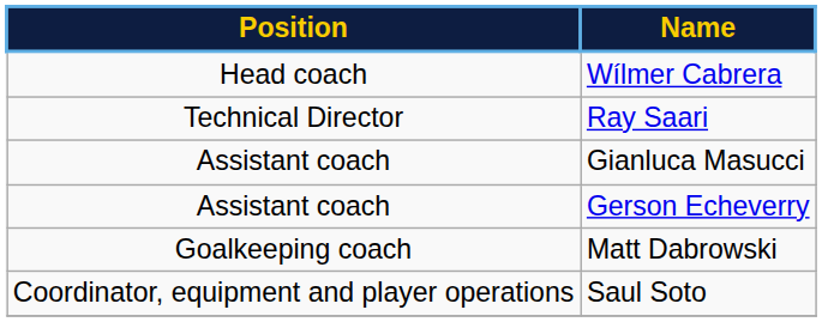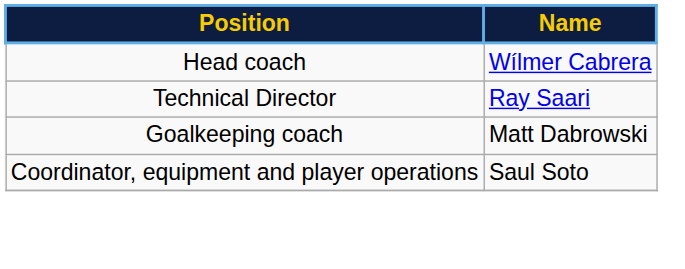 <table class="wikitable" style="text-align:center;">
 <tr>
 <th style="background:#0D1D41; color:#F8CC00; border:2px solid #5FAFE4;">Position</th>
 <th style="background:#0D1D41; color:#F8CC00; border:2px solid #5FAFE4;">Name</th>
 </tr>
 <tr>
 <td>Head coach</td>
 <td align=left> <a href='#'>Wílmer Cabrera</a></td>
 </tr>
 <tr>
 <td>Technical Director</td>
 <td align=left> <a href='#'>Ray Saari</a></td>
 </tr>
 <tr>
-<td>Assistant coach</td>
-<td align=left> Gianluca Masucci</td>
-</tr>
-<tr>
-<td>Assistant coach</td>
-<td align=left> <a href='#'>Gerson Echeverry</a></td>
-</tr>
-<tr>
 <td>Goalkeeping coach</td>
 <td align=left> Matt Dabrowski</td>
 </tr>
 <tr>
 <td>Coordinator, equipment and player operations</td>
 <td align=left> Saul Soto</td>
 </tr>
 <tr>
 </tr>
 </table>
